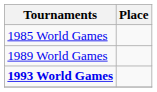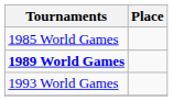 <table class="wikitable collapsible">
 <tr>
 <th>Tournaments</th>
 <th>Place</th>
 </tr>
 <tr>
 <td><a href='#'>1985 World Games</a></td>
 <td></td>
 </tr>
 <tr>
-<td><a href='#'>1989 World Games</a></td>
+<td><strong><a href='#'>1989 World Games</a></strong></td>
 <td></td>
 </tr>
 <tr>
-<td><strong><a href='#'>1993 World Games</a></strong></td>
+<td><a href='#'>1993 World Games</a></td>
 <td></td>
 </tr>
 <tr>
 </tr>
 </table>
